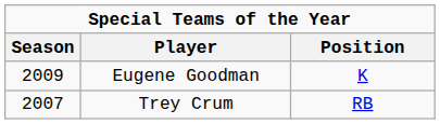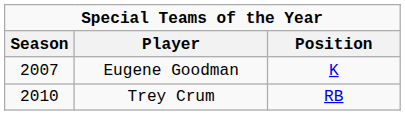 <table class="wikitable sortable" style="text-align:center">
 <tr>
 <td colspan="4"><strong>Special Teams of the Year</strong></td>
 </tr>
 <tr>
 <th style="width:50px; ">Season</th>
 <th style="width:150px; ">Player</th>
 <th style="width:100px; ">Position</th>
 </tr>
 <tr>
-<td>2009</td>
+<td>2007</td>
 <td>Eugene Goodman</td>
 <td><a href='#'>K</a></td>
 </tr>
 <tr>
-<td>2007</td>
+<td>2010</td>
 <td>Trey Crum</td>
 <td><a href='#'>RB</a></td>
 </tr>
 </table>
